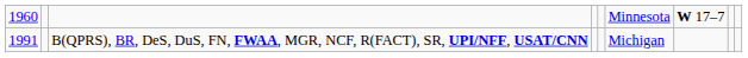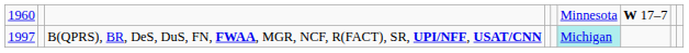 <table class="wikitable">
 <tr>
 <td><a href='#'>1960</a></td>
 <td></td>
 <td></td>
 <td></td>
 <td></td>
 <td><a href='#'>Minnesota</a></td>
 <td><strong>W</strong> 17–7</td>
 <td></td>
 <td></td>
 </tr>
 <tr>
-<td><a href='#'>1991</a></td>
+<td><a href='#'>1997</a></td>
 <td></td>
 <td>B(QPRS), <a href='#'>BR</a>, DeS, DuS, FN, <strong><a href='#'>FWAA</a></strong>, MGR, NCF, R(FACT), SR, <strong><a href='#'>UPI/NFF</a></strong>, <strong><a href='#'>USAT/CNN</a></strong></td>
 <td></td>
 <td></td>
-<td><a href='#'>Michigan</a></td>
+<td style="background: paleturquoise;"><a href='#'>Michigan</a></td>
 <td></td>
 <td></td>
 <td></td>
 </tr>
 </table>
